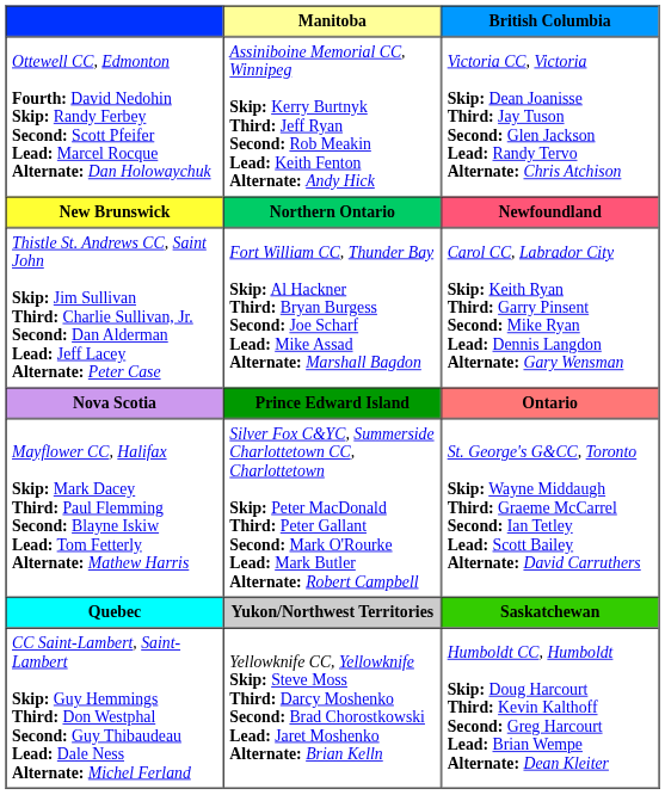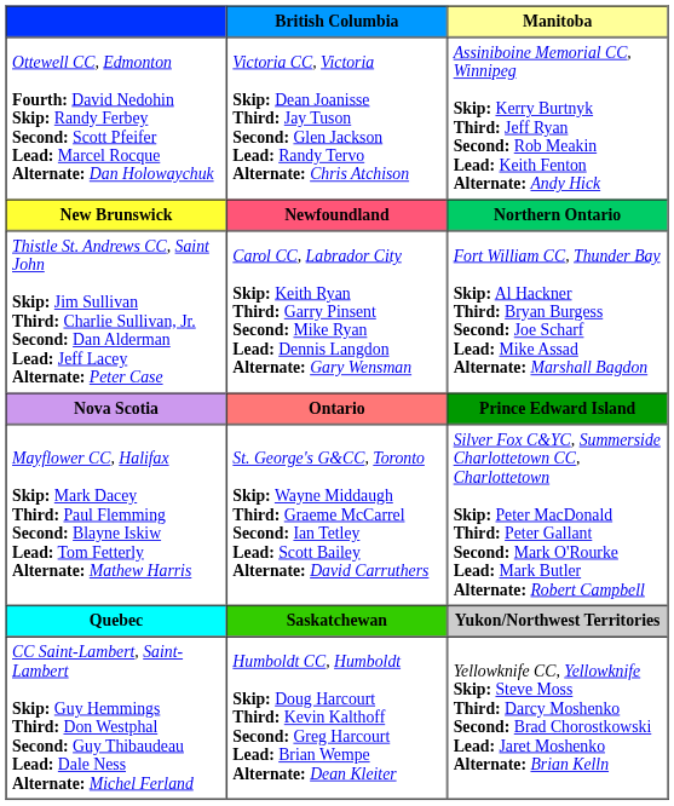 <table border=1 cellpadding=5 cellspacing=0>
 <tr>
 <th bgcolor="#0033ff" width="200"></th>
+<th bgcolor="#0099ff" width="200">British Columbia</th>
 <th bgcolor="#ffff99" width="200">Manitoba</th>
-<th bgcolor="#0099ff" width="200">British Columbia</th>
 </tr>
 <tr align=center>
 <td align=left><em><a href='#'>Ottewell CC</a>, <a href='#'>Edmonton</a></em> <br><br><strong>Fourth:</strong> <a href='#'>David Nedohin</a> <br> <strong>Skip:</strong> <a href='#'>Randy Ferbey</a> <br> <strong>Second:</strong> <a href='#'>Scott Pfeifer</a> <br> <strong>Lead:</strong> <a href='#'>Marcel Rocque</a> <br> <strong>Alternate:</strong> <em><a href='#'>Dan Holowaychuk</a></em></td>
+<td align=left><em><a href='#'>Victoria CC</a>, <a href='#'>Victoria</a></em> <br><br><strong>Skip:</strong> <a href='#'>Dean Joanisse</a> <br> <strong>Third:</strong> <a href='#'>Jay Tuson</a> <br> <strong>Second:</strong> <a href='#'>Glen Jackson</a> <br> <strong>Lead:</strong> <a href='#'>Randy Tervo</a> <br> <strong>Alternate:</strong> <em><a href='#'>Chris Atchison</a></em></td>
 <td align=left><em><a href='#'>Assiniboine Memorial CC</a>, <a href='#'>Winnipeg</a></em> <br><br><strong>Skip:</strong> <a href='#'>Kerry Burtnyk</a> <br> <strong>Third:</strong> <a href='#'>Jeff Ryan</a> <br> <strong>Second:</strong> <a href='#'>Rob Meakin</a> <br> <strong>Lead:</strong> <a href='#'>Keith Fenton</a> <br> <strong>Alternate:</strong> <em><a href='#'>Andy Hick</a></em></td>
-<td align=left><em><a href='#'>Victoria CC</a>, <a href='#'>Victoria</a></em> <br><br><strong>Skip:</strong> <a href='#'>Dean Joanisse</a> <br> <strong>Third:</strong> <a href='#'>Jay Tuson</a> <br> <strong>Second:</strong> <a href='#'>Glen Jackson</a> <br> <strong>Lead:</strong> <a href='#'>Randy Tervo</a> <br> <strong>Alternate:</strong> <em><a href='#'>Chris Atchison</a></em></td>
 </tr>
 <tr border=1 cellpadding=5 cellspacing=0>
 <th bgcolor="#ffff33" width="200">New Brunswick</th>
+<th bgcolor="#ff5577" width="200">Newfoundland</th>
 <th bgcolor="#00CC66" width="200">Northern Ontario</th>
-<th bgcolor="#ff5577" width="200">Newfoundland</th>
 </tr>
 <tr align=center>
 <td align=left><em><a href='#'>Thistle St. Andrews CC</a>, <a href='#'>Saint John</a></em> <br><br><strong>Skip:</strong> <a href='#'>Jim Sullivan</a> <br> <strong>Third:</strong>  <a href='#'>Charlie Sullivan, Jr.</a> <br> <strong>Second:</strong> <a href='#'>Dan Alderman</a> <br> <strong>Lead:</strong> <a href='#'>Jeff Lacey</a> <br> <strong>Alternate:</strong> <em><a href='#'>Peter Case</a></em></td>
+<td align=left><em><a href='#'>Carol CC</a>, <a href='#'>Labrador City</a></em> <br><br><strong>Skip:</strong> <a href='#'>Keith Ryan</a> <br> <strong>Third:</strong> <a href='#'>Garry Pinsent</a> <br> <strong>Second:</strong> <a href='#'>Mike Ryan</a> <br> <strong>Lead:</strong> <a href='#'>Dennis Langdon</a> <br> <strong>Alternate:</strong> <em><a href='#'>Gary Wensman</a></em></td>
 <td align=left><em><a href='#'>Fort William CC</a>, <a href='#'>Thunder Bay</a></em> <br><br><strong>Skip:</strong> <a href='#'>Al Hackner</a> <br> <strong>Third:</strong> <a href='#'>Bryan Burgess</a> <br> <strong>Second:</strong> <a href='#'>Joe Scharf</a> <br> <strong>Lead:</strong> <a href='#'>Mike Assad</a> <br> <strong>Alternate:</strong> <em><a href='#'>Marshall Bagdon</a></em></td>
-<td align=left><em><a href='#'>Carol CC</a>, <a href='#'>Labrador City</a></em> <br><br><strong>Skip:</strong> <a href='#'>Keith Ryan</a> <br> <strong>Third:</strong> <a href='#'>Garry Pinsent</a> <br> <strong>Second:</strong> <a href='#'>Mike Ryan</a> <br> <strong>Lead:</strong> <a href='#'>Dennis Langdon</a> <br> <strong>Alternate:</strong> <em><a href='#'>Gary Wensman</a></em></td>
 </tr>
 <tr border=1 cellpadding=5 cellspacing=0>
 <th bgcolor="#cc99ee" width="200">Nova Scotia</th>
+<th bgcolor="#ff7777" width="200">Ontario</th>
 <th bgcolor="#009900" width="200">Prince Edward Island</th>
-<th bgcolor="#ff7777" width="200">Ontario</th>
 </tr>
 <tr align=center>
 <td align=left><em><a href='#'>Mayflower CC</a>, <a href='#'>Halifax</a></em> <br><br><strong>Skip:</strong>  <a href='#'>Mark Dacey</a> <br>  <strong>Third:</strong> <a href='#'>Paul Flemming</a> <br> <strong>Second:</strong> <a href='#'>Blayne Iskiw</a> <br> <strong>Lead:</strong> <a href='#'>Tom Fetterly</a> <br> <strong>Alternate:</strong> <em><a href='#'>Mathew Harris</a></em></td>
+<td align=left><em><a href='#'>St. George's G&CC</a>, <a href='#'>Toronto</a></em> <br><br><strong>Skip:</strong> <a href='#'>Wayne Middaugh</a> <br> <strong>Third:</strong> <a href='#'>Graeme McCarrel</a> <br> <strong>Second:</strong> <a href='#'>Ian Tetley</a> <br> <strong>Lead:</strong> <a href='#'>Scott Bailey</a> <br> <strong>Alternate:</strong> <em><a href='#'>David Carruthers</a></em></td>
 <td align=left><em><a href='#'>Silver Fox C&YC</a>, <a href='#'>Summerside</a><br> <a href='#'>Charlottetown CC</a>, <a href='#'>Charlottetown</a></em> <br><br><strong>Skip:</strong> <a href='#'>Peter MacDonald</a> <br> <strong>Third:</strong> <a href='#'>Peter Gallant</a> <br> <strong>Second:</strong> <a href='#'>Mark O'Rourke</a> <br> <strong>Lead:</strong> <a href='#'>Mark Butler</a> <br> <strong>Alternate:</strong> <em><a href='#'>Robert Campbell</a></em></td>
-<td align=left><em><a href='#'>St. George's G&CC</a>, <a href='#'>Toronto</a></em> <br><br><strong>Skip:</strong> <a href='#'>Wayne Middaugh</a> <br> <strong>Third:</strong> <a href='#'>Graeme McCarrel</a> <br> <strong>Second:</strong> <a href='#'>Ian Tetley</a> <br> <strong>Lead:</strong> <a href='#'>Scott Bailey</a> <br> <strong>Alternate:</strong> <em><a href='#'>David Carruthers</a></em></td>
 </tr>
 <tr border=1 cellpadding=5 cellspacing=0>
 <th bgcolor="#00ffff" width="200">Quebec</th>
+<th bgcolor="#33cc00" width="200">Saskatchewan</th>
 <th bgcolor="#cccccc" width="200">Yukon/Northwest Territories</th>
-<th bgcolor="#33cc00" width="200">Saskatchewan</th>
 </tr>
 <tr align=center>
 <td align=left><em><a href='#'>CC Saint-Lambert</a>, <a href='#'>Saint-Lambert</a>  </em> <br><br><strong>Skip:</strong> <a href='#'>Guy Hemmings</a> <br> <strong>Third:</strong> <a href='#'>Don Westphal</a> <br> <strong>Second:</strong> <a href='#'>Guy Thibaudeau</a> <br> <strong>Lead:</strong> <a href='#'>Dale Ness</a> <br> <strong>Alternate:</strong> <em><a href='#'>Michel Ferland</a></em></td>
+<td align=left><em><a href='#'>Humboldt CC</a>, <a href='#'>Humboldt</a></em> <br><br><strong>Skip:</strong> <a href='#'>Doug Harcourt</a> <br> <strong>Third:</strong> <a href='#'>Kevin Kalthoff</a> <br> <strong>Second:</strong> <a href='#'>Greg Harcourt</a> <br> <strong>Lead:</strong> <a href='#'>Brian Wempe</a> <br> <strong>Alternate:</strong> <em><a href='#'>Dean Kleiter</a></em></td>
 <td align=left><em>Yellowknife CC, <a href='#'>Yellowknife</a></em><br><strong>Skip:</strong> <a href='#'>Steve Moss</a> <br> <strong>Third:</strong> <a href='#'>Darcy Moshenko</a> <br> <strong>Second:</strong> <a href='#'>Brad Chorostkowski</a> <br> <strong>Lead:</strong> <a href='#'>Jaret Moshenko</a> <br> <strong>Alternate:</strong> <em><a href='#'>Brian Kelln</a></em></td>
-<td align=left><em><a href='#'>Humboldt CC</a>, <a href='#'>Humboldt</a></em> <br><br><strong>Skip:</strong> <a href='#'>Doug Harcourt</a> <br> <strong>Third:</strong> <a href='#'>Kevin Kalthoff</a> <br> <strong>Second:</strong> <a href='#'>Greg Harcourt</a> <br> <strong>Lead:</strong> <a href='#'>Brian Wempe</a> <br> <strong>Alternate:</strong> <em><a href='#'>Dean Kleiter</a></em></td>
 </tr>
 </table>
